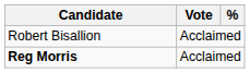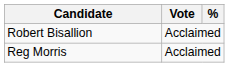 <table class="wikitable">
 <tr>
 <th bgcolor="#DDDDFF" width="200px">Candidate</th>
 <th bgcolor="#DDDDFF">Vote</th>
 <th bgcolor="#DDDDFF">%</th>
 </tr>
 <tr>
 <td>Robert Bisallion</td>
 <td colspan="2">Acclaimed</td>
 </tr>
 <tr>
-<td><strong>Reg Morris</strong></td>
+<td>Reg Morris</td>
 <td colspan="2">Acclaimed</td>
 </tr>
 </table>
